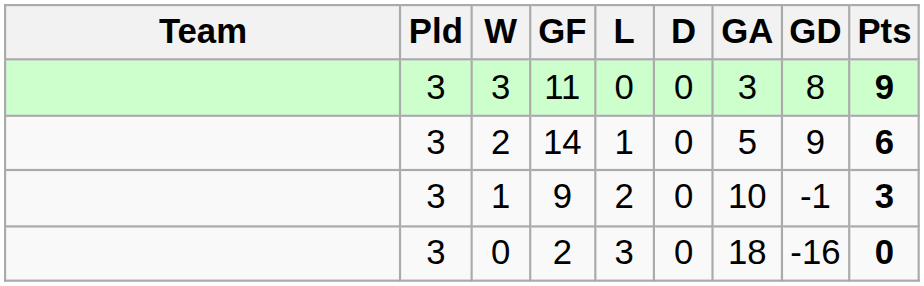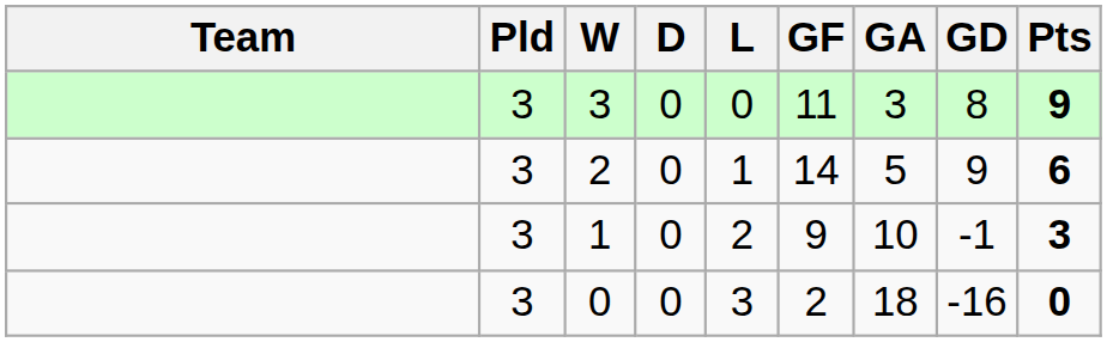 <table class="wikitable" style="text-align: center;">
 <tr>
 <th width="175">Team</th>
 <th width="20">Pld</th>
 <th width="20">W</th>
+<th width="20">D</th>
+<th width="20">L</th>
 <th width="20">GF</th>
-<th width="20">L</th>
-<th width="20">D</th>
 <th width="20">GA</th>
 <th width="20">GD</th>
 <th width="20">Pts</th>
 </tr>
 <tr bgcolor="#ccffcc">
 <td style="text-align:left;"></td>
 <td>3</td>
 <td>3</td>
-<td>11</td>
 <td>0</td>
 <td>0</td>
+<td>11</td>
 <td>3</td>
 <td>8</td>
 <td><strong>9</strong></td>
 </tr>
 <tr align=center>
 <td style="text-align:left;"></td>
 <td>3</td>
 <td>2</td>
+<td>0</td>
+<td>1</td>
 <td>14</td>
-<td>1</td>
-<td>0</td>
 <td>5</td>
 <td>9</td>
 <td><strong>6</strong></td>
 </tr>
 <tr align=center>
 <td style="text-align:left;"></td>
 <td>3</td>
 <td>1</td>
+<td>0</td>
+<td>2</td>
 <td>9</td>
-<td>2</td>
-<td>0</td>
 <td>10</td>
 <td>-1</td>
 <td><strong>3</strong></td>
 </tr>
 <tr align=center>
 <td style="text-align:left;"></td>
 <td>3</td>
 <td>0</td>
+<td>0</td>
+<td>3</td>
 <td>2</td>
-<td>3</td>
-<td>0</td>
 <td>18</td>
 <td>-16</td>
 <td><strong>0</strong></td>
 </tr>
 </table>
